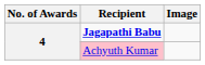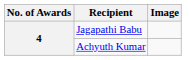 <table class="wikitable">
 <tr>
 <th>No. of Awards</th>
 <th>Recipient</th>
 <th>Image</th>
 </tr>
 <tr>
 <th rowspan=2>4</th>
-<td><strong><a href='#'>Jagapathi Babu</a></strong></td>
+<td><a href='#'>Jagapathi Babu</a></td>
 <td></td>
 </tr>
 <tr>
-<td style="background: pink;"><a href='#'>Achyuth  Kumar</a></td>
+<td><a href='#'>Achyuth  Kumar</a></td>
 <td></td>
 </tr>
 </table>
